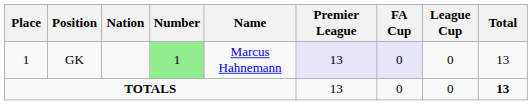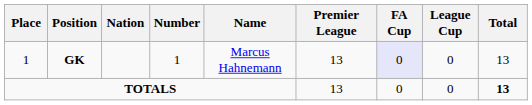 <table class="wikitable" style="font-size: 95%; text-align: center">
 <tr>
 <th width=60>Place</th>
 <th width=60>Position</th>
 <th width=60>Nation</th>
 <th width=60>Number</th>
 <th width=150>Name</th>
 <th width=150>Premier League</th>
 <th width=80>FA Cup</th>
 <th width=80>League Cup</th>
 <th width=80>Total</th>
 </tr>
 <tr>
 <td>1</td>
-<td>GK</td>
+<td><strong>GK</strong></td>
 <td></td>
-<td style="background: lightgreen;">1</td>
+<td>1</td>
 <td><a href='#'>Marcus Hahnemann</a></td>
-<td style="background: lavender;">13</td>
+<td>13</td>
 <td style="background: lavender;">0</td>
 <td>0</td>
 <td>13</td>
 </tr>
 <tr>
 <td colspan="5"><strong>TOTALS</strong></td>
 <td>13</td>
 <td>0</td>
 <td>0</td>
 <td><strong>13</strong></td>
 </tr>
 </table>
